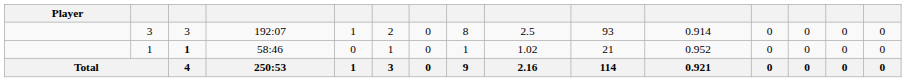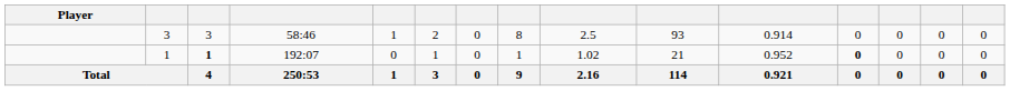 <table class="wikitable sortable" style="width:100%; text-align:center;">
 <tr>
 <th>Player</th>
 <th></th>
 <th></th>
 <th></th>
 <th></th>
 <th></th>
 <th></th>
 <th></th>
 <th></th>
 <th></th>
 <th></th>
 <th></th>
 <th></th>
 <th></th>
 <th></th>
 </tr>
 <tr>
 <td></td>
 <td>3</td>
 <td>3</td>
-<td>192:07</td>
+<td>58:46</td>
 <td>1</td>
 <td>2</td>
 <td>0</td>
 <td>8</td>
 <td>2.5</td>
 <td>93</td>
 <td>0.914</td>
 <td>0</td>
 <td>0</td>
 <td>0</td>
 <td>0</td>
 </tr>
 <tr>
 <td></td>
 <td>1</td>
 <td><strong>1</strong></td>
-<td>58:46</td>
+<td>192:07</td>
 <td>0</td>
 <td>1</td>
 <td>0</td>
 <td>1</td>
 <td>1.02</td>
 <td>21</td>
 <td>0.952</td>
-<td>0</td>
+<td><strong>0</strong></td>
 <td>0</td>
 <td>0</td>
 <td>0</td>
 </tr>
 <tr class="sortbottom">
 <th colspan=2>Total</th>
 <th>4</th>
 <th>250:53</th>
 <th>1</th>
 <th>3</th>
 <th>0</th>
 <th>9</th>
 <th>2.16</th>
 <th>114</th>
 <th>0.921</th>
 <th>0</th>
 <th>0</th>
 <th>0</th>
 <th>0</th>
 </tr>
 </table>
